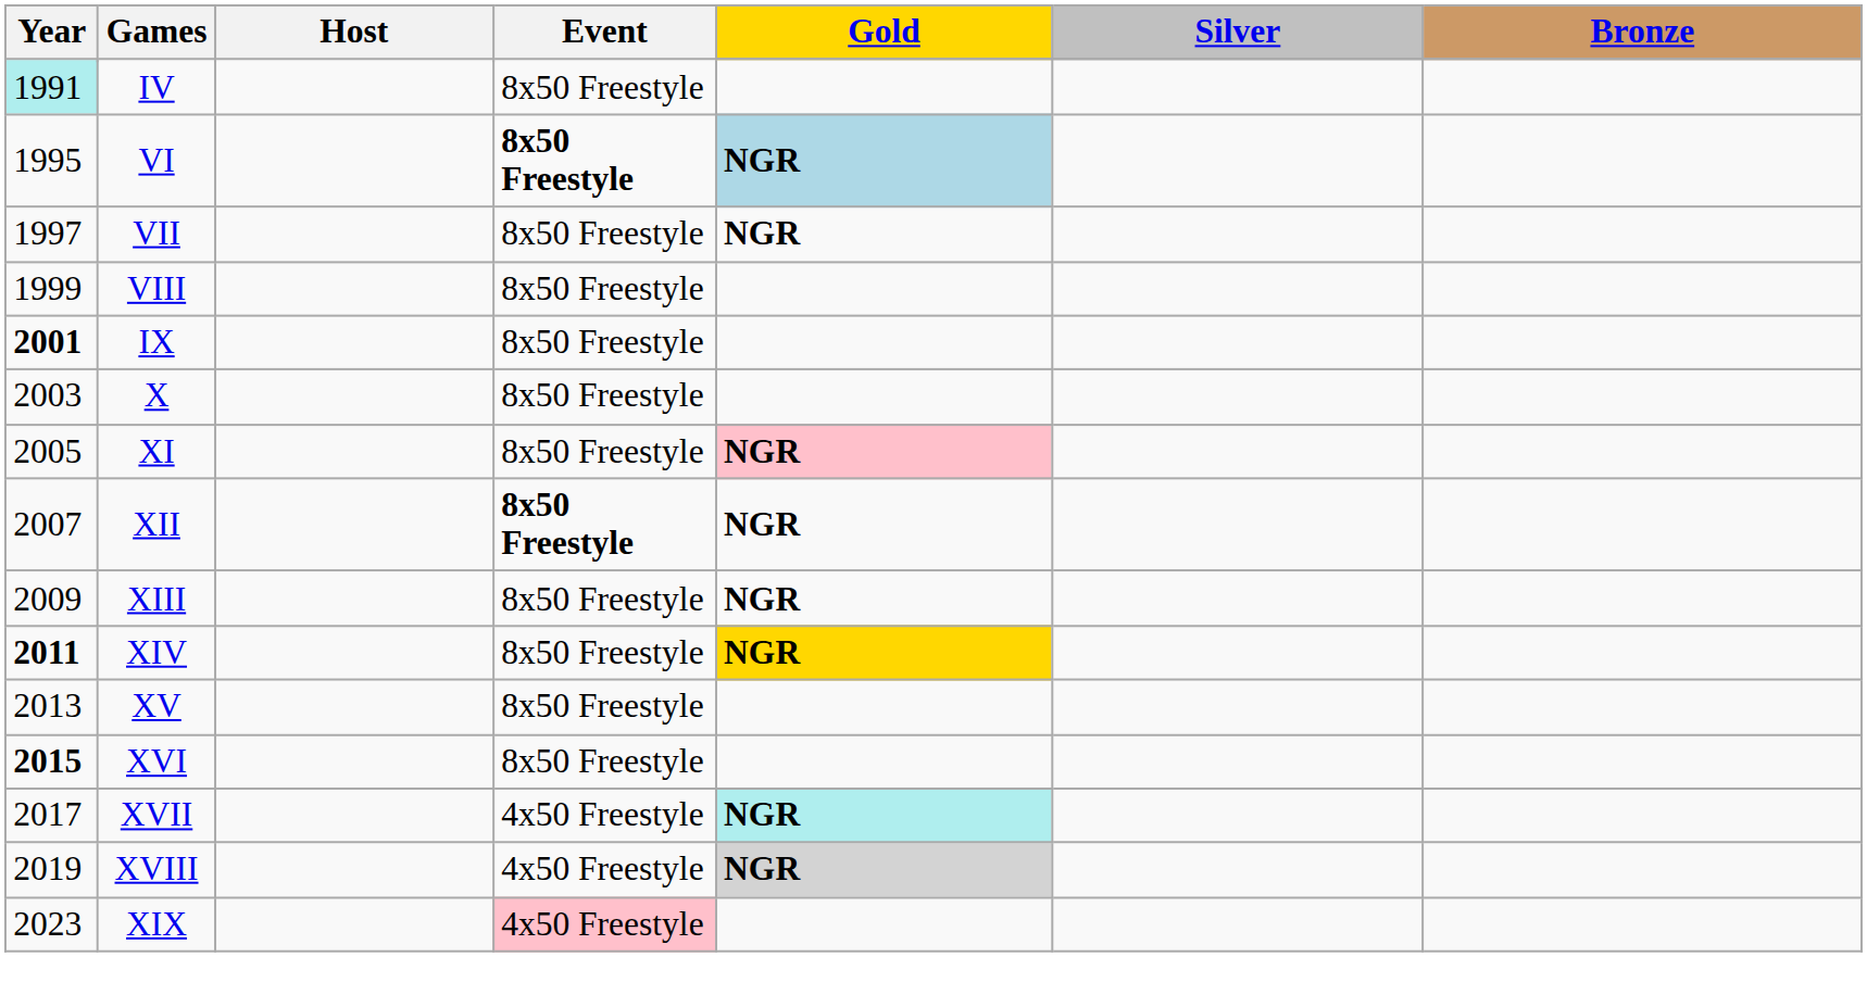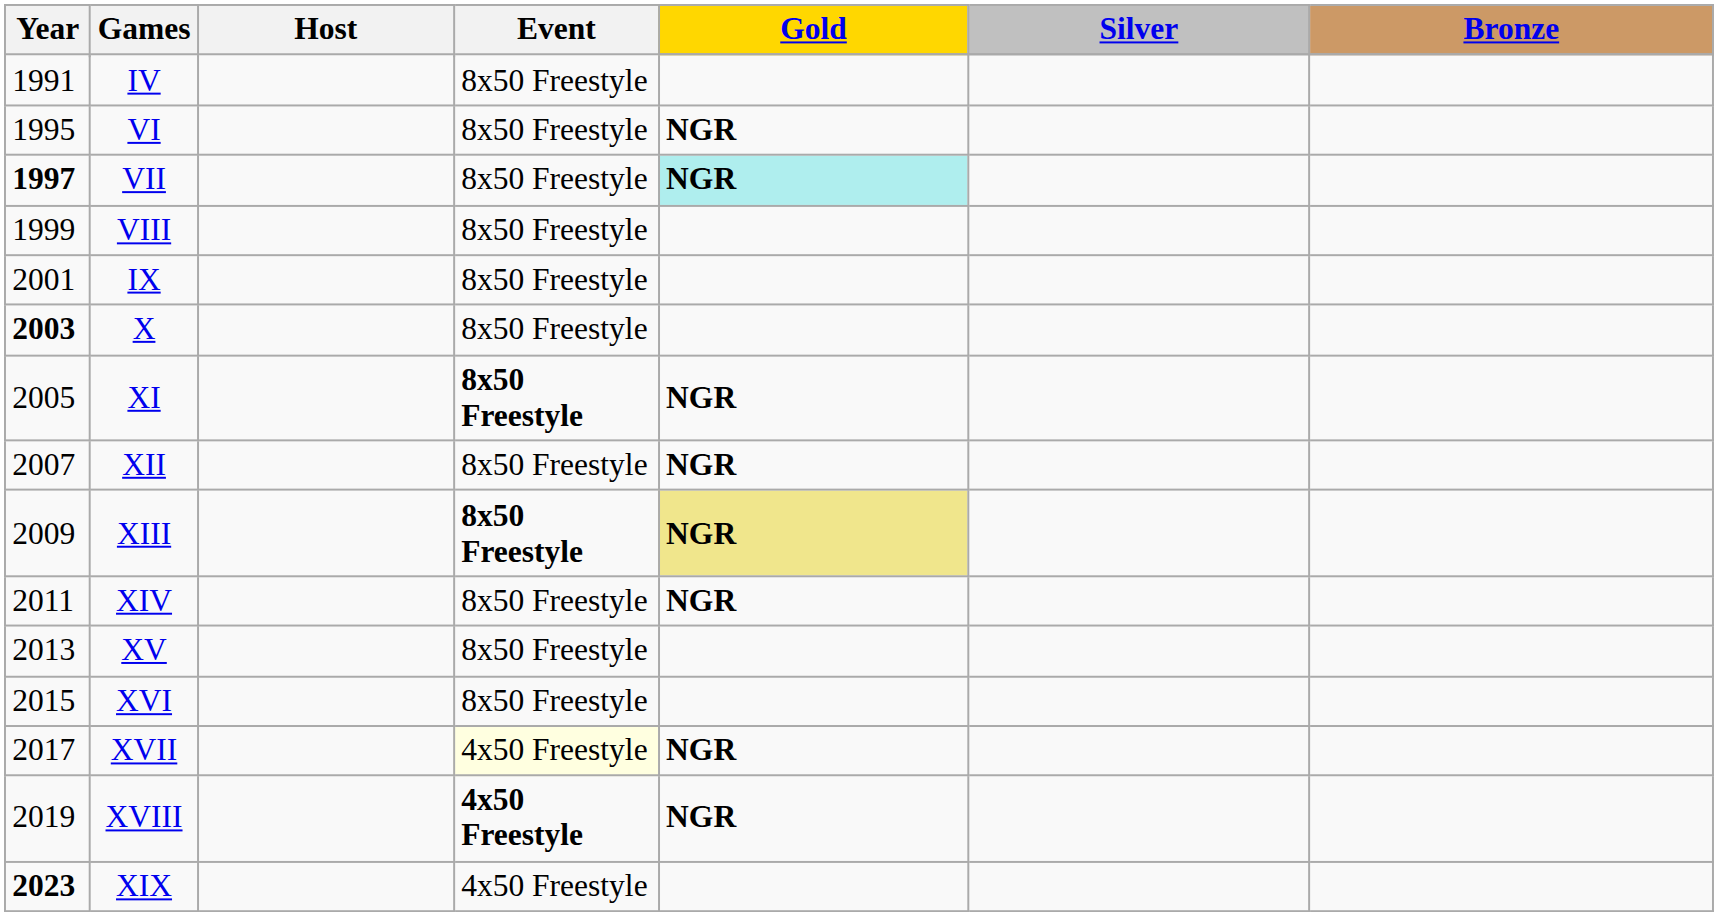 <table class="sortable wikitable collapsible collapsed">
 <tr>
 <th rowspan="2" style="width:5%;">Year</th>
 <th rowspan="2" style="width:5%;">Games</th>
 <th rowspan="2" style="width:15%;">Host</th>
 <th rowspan="2" style="width:12%;">Event</th>
 <th style="background-color: gold"><a href='#'>Gold</a></th>
 <th style="background-color: silver"><a href='#'>Silver</a></th>
 <th style="background-color: #CC9966"><a href='#'>Bronze</a></th>
 </tr>
 <tr>
 </tr>
 <tr>
-<td style="background: paleturquoise;">1991</td>
+<td>1991</td>
 <td align=center><a href='#'>IV</a></td>
 <td align="left"></td>
 <td>8x50 Freestyle</td>
 <td align="left"></td>
 <td align="left"></td>
 <td align="left"></td>
 </tr>
 <tr>
 <td>1995</td>
 <td align=center><a href='#'>VI</a></td>
 <td align="left"></td>
-<td><strong>8x50 Freestyle</strong></td>
-<td align="left" style="background: lightblue;"> <strong>NGR</strong></td>
+<td>8x50 Freestyle</td>
+<td align="left"> <strong>NGR</strong></td>
 <td align="left"></td>
 <td align="left"></td>
 </tr>
 <tr>
-<td>1997</td>
+<td><strong>1997</strong></td>
 <td align=center><a href='#'>VII</a></td>
 <td align="left"></td>
 <td>8x50 Freestyle</td>
-<td align="left"> <strong>NGR</strong></td>
+<td align="left" style="background: paleturquoise;"> <strong>NGR</strong></td>
 <td align="left"></td>
 <td align="left"></td>
 </tr>
 <tr>
 <td>1999</td>
 <td align=center><a href='#'>VIII</a></td>
 <td align="left"></td>
 <td>8x50 Freestyle</td>
 <td align="left"></td>
 <td align="left"></td>
 <td align="left"></td>
 </tr>
 <tr>
-<td><strong>2001</strong></td>
+<td>2001</td>
 <td align=center><a href='#'>IX</a></td>
 <td align="left"></td>
 <td>8x50 Freestyle</td>
 <td align="left"></td>
 <td align="left"></td>
 <td align="left"></td>
 </tr>
 <tr>
-<td>2003</td>
+<td><strong>2003</strong></td>
 <td align=center><a href='#'>X</a></td>
 <td align="left"></td>
 <td>8x50 Freestyle</td>
 <td align="left"></td>
 <td align="left"></td>
 <td align="left"></td>
 </tr>
 <tr>
 <td>2005</td>
 <td align=center><a href='#'>XI</a></td>
 <td align="left"></td>
-<td>8x50 Freestyle</td>
-<td align="left" style="background: pink;"> <strong>NGR</strong></td>
+<td><strong>8x50 Freestyle</strong></td>
+<td align="left"> <strong>NGR</strong></td>
 <td align="left"></td>
 <td align="left"></td>
 </tr>
 <tr>
 <td>2007</td>
 <td align=center><a href='#'>XII</a></td>
 <td align="left"></td>
-<td><strong>8x50 Freestyle</strong></td>
+<td>8x50 Freestyle</td>
 <td align="left"> <strong>NGR</strong></td>
 <td align="left"></td>
 <td align="left"></td>
 </tr>
 <tr>
 <td>2009</td>
 <td align=center><a href='#'>XIII</a></td>
 <td align="left"></td>
-<td>8x50 Freestyle</td>
-<td align="left"> <strong>NGR</strong></td>
+<td><strong>8x50 Freestyle</strong></td>
+<td align="left" style="background: khaki;"> <strong>NGR</strong></td>
 <td align="left"></td>
 <td align="left"></td>
 </tr>
 <tr>
-<td><strong>2011</strong></td>
+<td>2011</td>
 <td align=center><a href='#'>XIV</a></td>
 <td align="left"></td>
 <td>8x50 Freestyle</td>
-<td align="left" style="background: gold;"> <strong>NGR</strong></td>
+<td align="left"> <strong>NGR</strong></td>
 <td align="left"></td>
 <td align="left"></td>
 </tr>
 <tr>
 <td>2013</td>
 <td align=center><a href='#'>XV</a></td>
 <td align="left"></td>
 <td>8x50 Freestyle</td>
 <td align="left"></td>
 <td align="left"></td>
 <td align="left"></td>
 </tr>
 <tr>
-<td><strong>2015</strong></td>
+<td>2015</td>
 <td align=center><a href='#'>XVI</a></td>
 <td align="left"></td>
 <td>8x50 Freestyle</td>
 <td align="left"></td>
 <td align="left"></td>
 <td align="left"></td>
 </tr>
 <tr>
 <td>2017</td>
 <td align=center><a href='#'>XVII</a></td>
 <td align="left"></td>
-<td>4x50 Freestyle</td>
-<td align="left" style="background: paleturquoise;"> <strong>NGR</strong></td>
+<td style="background: lightyellow;">4x50 Freestyle</td>
+<td align="left"> <strong>NGR</strong></td>
 <td align="left"></td>
 <td align="left"></td>
 </tr>
 <tr>
 <td>2019</td>
 <td align=center><a href='#'>XVIII</a></td>
 <td align="left"></td>
-<td>4x50 Freestyle</td>
-<td align="left" style="background: lightgrey;"> <strong>NGR</strong></td>
+<td><strong>4x50 Freestyle</strong></td>
+<td align="left"> <strong>NGR</strong></td>
 <td align="left"></td>
 <td align="left"></td>
 </tr>
 <tr>
-<td>2023</td>
+<td><strong>2023</strong></td>
 <td align=center><a href='#'>XIX</a></td>
 <td align="left"></td>
-<td style="background: pink;">4x50 Freestyle</td>
+<td>4x50 Freestyle</td>
 <td align="left"></td>
 <td align="left"></td>
 <td align="left"></td>
 </tr>
 </table>
